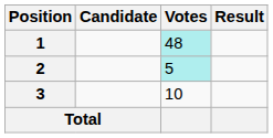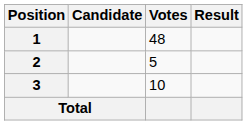 <table class="wikitable sortable col3right">
 <tr>
 <th scope="col">Position</th>
 <th scope="col">Candidate</th>
 <th scope="col">Votes</th>
 <th scope="col">Result</th>
 </tr>
 <tr>
 <th scope="row">1</th>
 <td></td>
-<td style="background: paleturquoise;">48</td>
+<td>48</td>
 <td></td>
 </tr>
 <tr>
 <th scope="row">2</th>
 <td></td>
-<td style="background: paleturquoise;">5</td>
+<td>5</td>
 <td></td>
 </tr>
 <tr>
 <th scope="row">3</th>
 <td></td>
 <td>10</td>
 <td></td>
 </tr>
 <tr class="sortbottom">
 <th scope="row" colspan="2">Total</th>
 <th></th>
 <th></th>
 </tr>
 </table>
